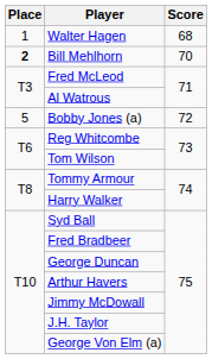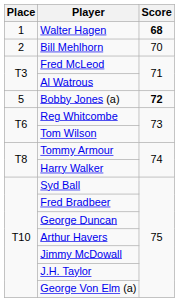 <table class=wikitable>
 <tr>
 <th>Place</th>
 <th>Player</th>
 <th>Score</th>
 </tr>
 <tr>
 <td align=center>1</td>
 <td> <a href='#'>Walter Hagen</a></td>
-<td align=center>68</td>
+<td align=center><strong>68</strong></td>
 </tr>
 <tr>
-<td align=center><strong>2</strong></td>
+<td align=center>2</td>
 <td> <a href='#'>Bill Mehlhorn</a></td>
 <td align=center>70</td>
 </tr>
 <tr>
 <td rowspan=2 align=center>T3</td>
 <td> <a href='#'>Fred McLeod</a></td>
 <td rowspan=2 align=center>71</td>
 </tr>
 <tr>
 <td> <a href='#'>Al Watrous</a></td>
 </tr>
 <tr>
 <td align=center>5</td>
 <td> <a href='#'>Bobby Jones</a> (a)</td>
-<td align=center>72</td>
+<td align=center><strong>72</strong></td>
 </tr>
 <tr>
 <td rowspan=2 align=center>T6</td>
 <td> <a href='#'>Reg Whitcombe</a></td>
 <td rowspan=2 align=center>73</td>
 </tr>
 <tr>
 <td> <a href='#'>Tom Wilson</a></td>
 </tr>
 <tr>
 <td rowspan=2 align=center>T8</td>
 <td> <a href='#'>Tommy Armour</a></td>
 <td rowspan=2 align=center>74</td>
 </tr>
 <tr>
 <td> <a href='#'>Harry Walker</a></td>
 </tr>
 <tr>
 <td rowspan=7 align=center>T10</td>
 <td> <a href='#'>Syd Ball</a></td>
 <td rowspan=7 align=center>75</td>
 </tr>
 <tr>
 <td> <a href='#'>Fred Bradbeer</a></td>
 </tr>
 <tr>
 <td> <a href='#'>George Duncan</a></td>
 </tr>
 <tr>
 <td> <a href='#'>Arthur Havers</a></td>
 </tr>
 <tr>
 <td> <a href='#'>Jimmy McDowall</a></td>
 </tr>
 <tr>
 <td> <a href='#'>J.H. Taylor</a></td>
 </tr>
 <tr>
 <td> <a href='#'>George Von Elm</a> (a)</td>
 </tr>
 </table>
